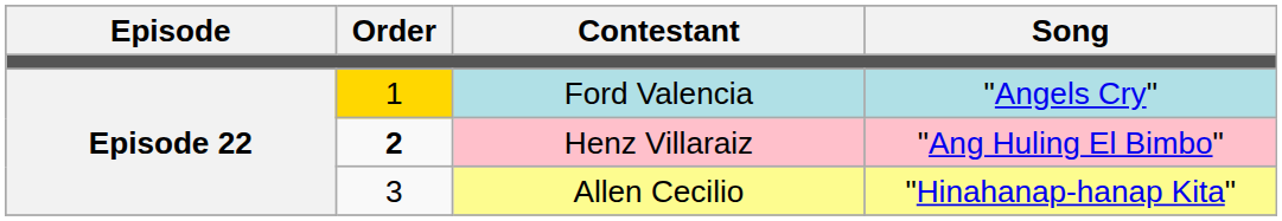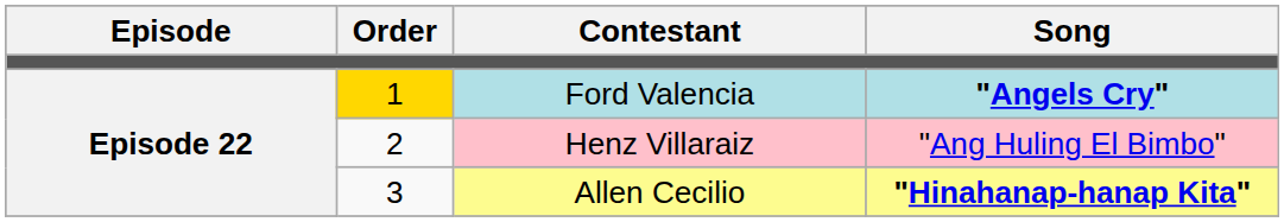 <table class="wikitable" style="text-align:center; line-height:17px; width:100%; font-size: 95%;">
 <tr>
 <th style="width:20%;">Episode</th>
 <th style="width:05%;">Order</th>
 <th style="width:25%;">Contestant</th>
 <th style="width:25%;">Song</th>
 </tr>
 <tr>
 <td colspan="4" style="background:#555;"></td>
 </tr>
 <tr>
 <th rowspan="3">Episode 22<br><small></small></th>
 <td style="background: gold;">1</td>
 <td style="background:#b0e0e6;">Ford Valencia</td>
-<td style="background:#b0e0e6;">"<a href='#'>Angels Cry</a>"</td>
+<td style="background:#b0e0e6;"><strong>"<a href='#'>Angels Cry</a>"</strong></td>
 </tr>
 <tr>
-<td><strong>2</strong></td>
+<td>2</td>
 <td style="background:pink;">Henz Villaraiz</td>
 <td style="background:pink;">"<a href='#'>Ang Huling El Bimbo</a>"</td>
 </tr>
 <tr>
 <td>3</td>
 <td style="background:#fdfc8f;">Allen Cecilio</td>
-<td style="background:#fdfc8f;">"<a href='#'>Hinahanap-hanap Kita</a>"</td>
+<td style="background:#fdfc8f;"><strong>"<a href='#'>Hinahanap-hanap Kita</a>"</strong></td>
 </tr>
 </table>
